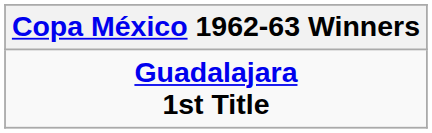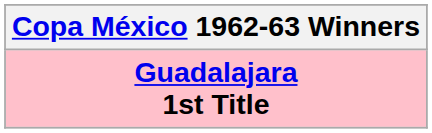 <table class="wikitable" style="text-align: center; margin: 0 auto;">
 <tr>
 <th><a href='#'>Copa México</a> 1962-63 Winners</th>
 </tr>
 <tr>
-<td><strong><a href='#'>Guadalajara</a></strong><br><strong>1st Title</strong></td>
+<td style="background: pink;"><strong><a href='#'>Guadalajara</a></strong><br><strong>1st Title</strong></td>
 </tr>
 </table>
